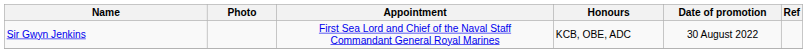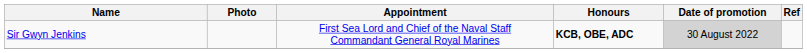 <table class="wikitable">
 <tr>
 <th width="400" align="center">Name</th>
 <th width="120" align="center">Photo</th>
 <th width="540" align="center">Appointment</th>
 <th width="200" align="center">Honours</th>
 <th width="210" align="center">Date of promotion</th>
 <th width="20" align="center">Ref</th>
 </tr>
 <tr>
 <td><a href='#'>Sir Gwyn Jenkins</a></td>
 <td></td>
 <td align="center"><a href='#'>First Sea Lord and Chief of the Naval Staff</a><br> <a href='#'>Commandant General Royal Marines</a></td>
-<td>KCB, OBE, ADC</td>
-<td align="center">30 August 2022</td>
+<td><strong>KCB, OBE, ADC</strong></td>
+<td align="center" style="background: lightgrey;">30 August 2022</td>
 <td></td>
 </tr>
 <tr>
 </tr>
 </table>
